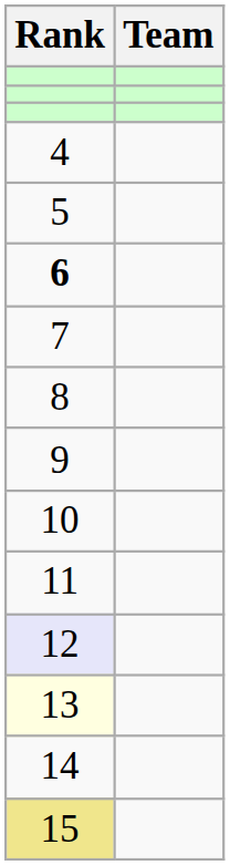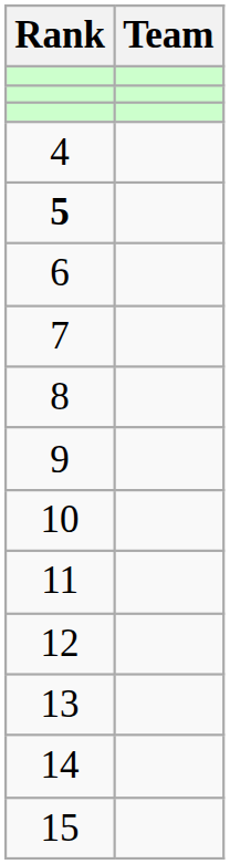 <table class="wikitable">
 <tr>
 <th>Rank</th>
 <th>Team</th>
 </tr>
 <tr bgcolor=#ccffcc>
 <td align=center></td>
 <td></td>
 </tr>
 <tr bgcolor=#ccffcc>
 <td align=center></td>
 <td></td>
 </tr>
 <tr bgcolor=#ccffcc>
 <td align=center></td>
 <td></td>
 </tr>
 <tr>
 <td align=center>4</td>
 <td></td>
 </tr>
 <tr>
-<td align=center>5</td>
+<td align=center><strong>5</strong></td>
 <td></td>
 </tr>
 <tr>
-<td align=center><strong>6</strong></td>
+<td align=center>6</td>
 <td></td>
 </tr>
 <tr>
 <td align=center>7</td>
 <td></td>
 </tr>
 <tr>
 <td align=center>8</td>
 <td></td>
 </tr>
 <tr>
 <td align=center>9</td>
 <td></td>
 </tr>
 <tr>
 <td align=center>10</td>
 <td></td>
 </tr>
 <tr>
 <td align=center>11</td>
 <td></td>
 </tr>
 <tr>
-<td align=center style="background: lavender;">12</td>
+<td align=center>12</td>
 <td></td>
 </tr>
 <tr>
-<td align=center style="background: lightyellow;">13</td>
+<td align=center>13</td>
 <td></td>
 </tr>
 <tr>
 <td align=center>14</td>
 <td></td>
 </tr>
 <tr>
-<td align=center style="background: khaki;">15</td>
+<td align=center>15</td>
 <td></td>
 </tr>
 </table>
